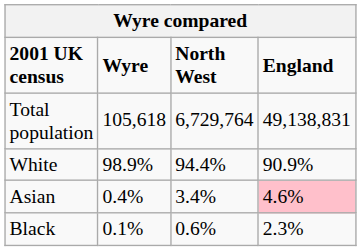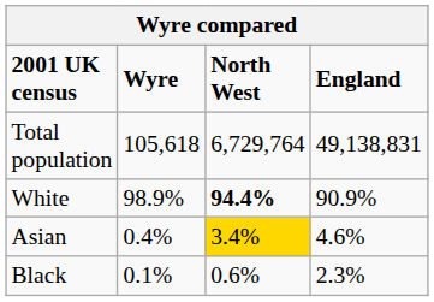 <table class="wikitable" style="float: right; margin-left: 2em; width: 40%; font-size: 90%;" cellspacing="3">
 <tr>
 <th colspan="4"><strong>Wyre compared</strong></th>
 </tr>
 <tr>
 <td><strong>2001 UK census</strong></td>
 <td><strong>Wyre</strong></td>
 <td><strong>North West</strong></td>
 <td><strong>England</strong></td>
 </tr>
 <tr>
 <td>Total population</td>
 <td>105,618</td>
 <td>6,729,764</td>
 <td>49,138,831</td>
 </tr>
 <tr>
 <td>White</td>
 <td>98.9%</td>
-<td>94.4%</td>
+<td><strong>94.4%</strong></td>
 <td>90.9%</td>
 </tr>
 <tr>
 <td>Asian</td>
 <td>0.4%</td>
-<td>3.4%</td>
-<td style="background: pink;">4.6%</td>
+<td style="background: gold;">3.4%</td>
+<td>4.6%</td>
 </tr>
 <tr>
 <td>Black</td>
 <td>0.1%</td>
 <td>0.6%</td>
 <td>2.3%</td>
 </tr>
 </table>
